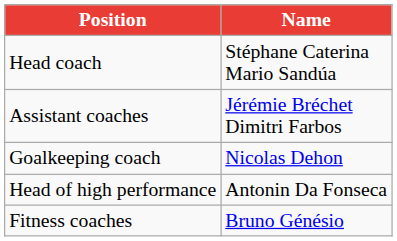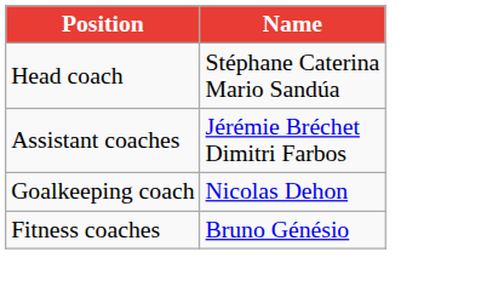 <table class="wikitable">
 <tr>
 <th style="background:#E83C34; color:#FFFFFF; ">Position</th>
 <th style="background:#E83C34; color:#FFFFFF; ">Name</th>
 </tr>
 <tr>
 <td>Head coach</td>
 <td> Stéphane Caterina<br> Mario Sandúa<br></td>
 </tr>
 <tr>
 <td>Assistant coaches</td>
 <td> <a href='#'>Jérémie Bréchet</a><br> Dimitri Farbos</td>
 </tr>
 <tr>
 <td>Goalkeeping coach</td>
 <td> <a href='#'>Nicolas Dehon</a></td>
 </tr>
 <tr>
-<td>Head of high performance</td>
-<td> Antonin Da Fonseca</td>
-</tr>
-<tr>
 <td>Fitness coaches</td>
 <td> <a href='#'>Bruno Génésio</a></td>
 </tr>
 </table>
